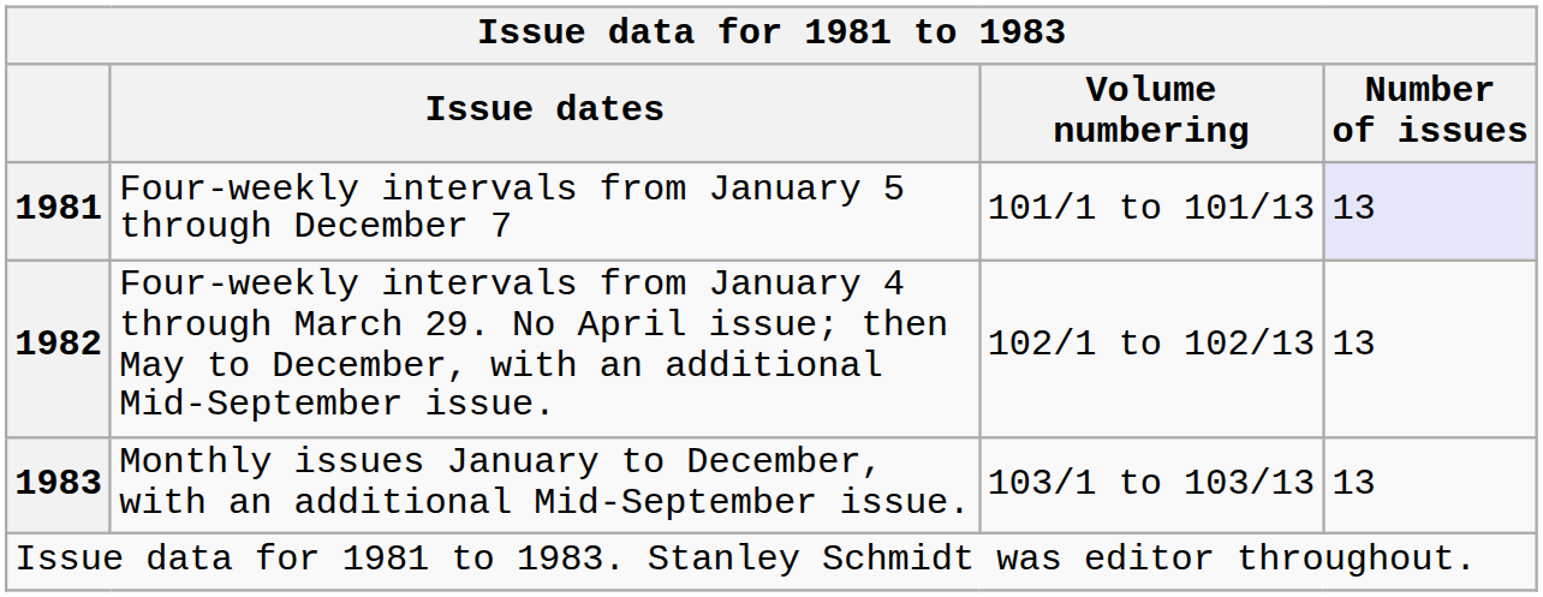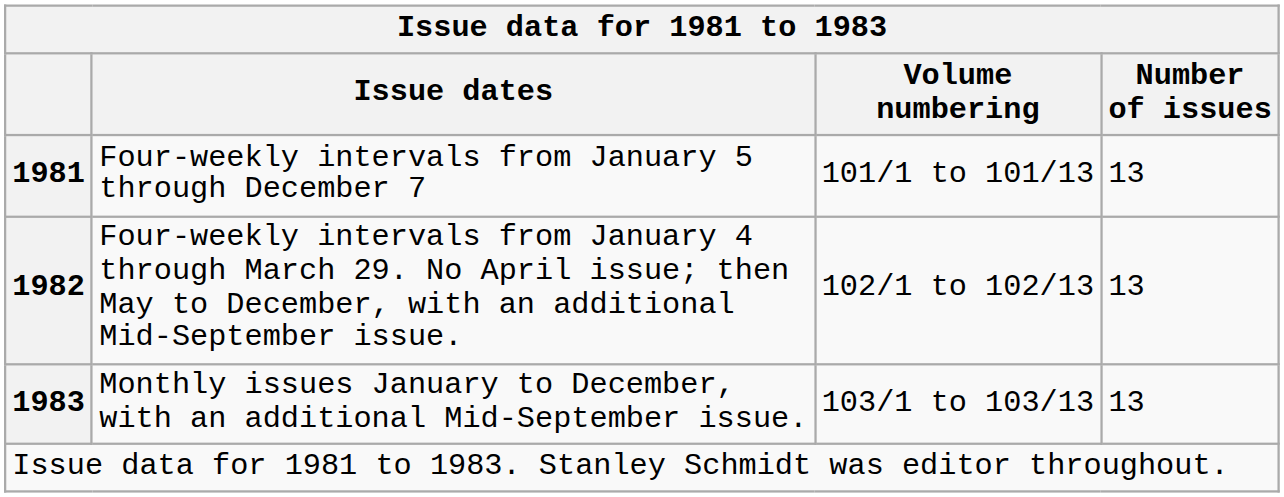 <table class="wikitable collapsible collapsed" style="font-size: 10pt; line-height: 11pt; margin-right: 2em; float: left">
 <tr>
 <th colspan="4">Issue data for 1981 to 1983</th>
 </tr>
 <tr>
 <th></th>
 <th>Issue dates</th>
 <th>Volume<br>numbering</th>
 <th>Number<br>of issues</th>
 </tr>
 <tr>
 <th>1981</th>
 <td>Four-weekly intervals from January 5<br>through December 7</td>
 <td>101/1 to 101/13</td>
-<td style="background: lavender;">13</td>
+<td>13</td>
 </tr>
 <tr>
 <th>1982</th>
 <td>Four-weekly intervals from January 4<br>through March 29.  No April issue; then<br>May to December, with an additional<br>Mid-September issue.</td>
 <td>102/1 to 102/13</td>
 <td>13</td>
 </tr>
 <tr>
 <th>1983</th>
 <td>Monthly issues January to December,<br>with an additional Mid-September issue.</td>
 <td>103/1 to 103/13</td>
 <td>13</td>
 </tr>
 <tr>
 <td colspan="4">Issue data for 1981 to 1983.  Stanley Schmidt was editor throughout.</td>
 </tr>
 </table>
